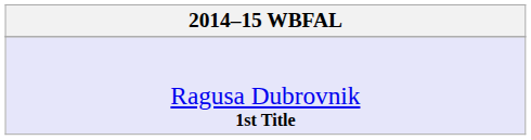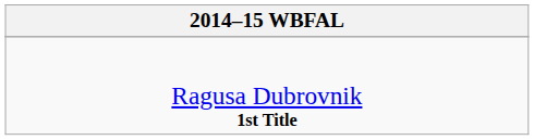 <table class="wikitable" style="margin: 0 auto; width: 30%;">
 <tr>
 <th><big>2014–15 WBFAL</big><br></th>
 </tr>
 <tr>
 </tr>
 <tr>
-<td align=center style="background: lavender;"><br><br><big><big><a href='#'>Ragusa Dubrovnik</a><br></big></big><strong>1st Title</strong></td>
+<td align=center><br><br><big><big><a href='#'>Ragusa Dubrovnik</a><br></big></big><strong>1st Title</strong></td>
 </tr>
 </table>
